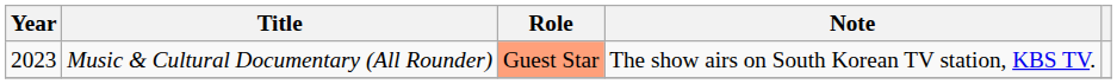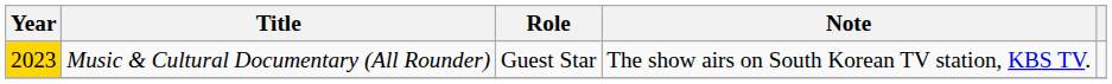 <table class="wikitable">
 <tr>
 <th>Year</th>
 <th>Title</th>
 <th>Role</th>
 <th>Note</th>
 <th></th>
 </tr>
 <tr>
-<td>2023</td>
+<td style="background: gold;">2023</td>
 <td><em>Music & Cultural Documentary (All Rounder)</em></td>
-<td style="background: lightsalmon;">Guest Star</td>
+<td>Guest Star</td>
 <td>The show airs on South Korean TV station, <a href='#'>KBS TV</a>.</td>
 <td></td>
 </tr>
 <tr>
 </tr>
 </table>
